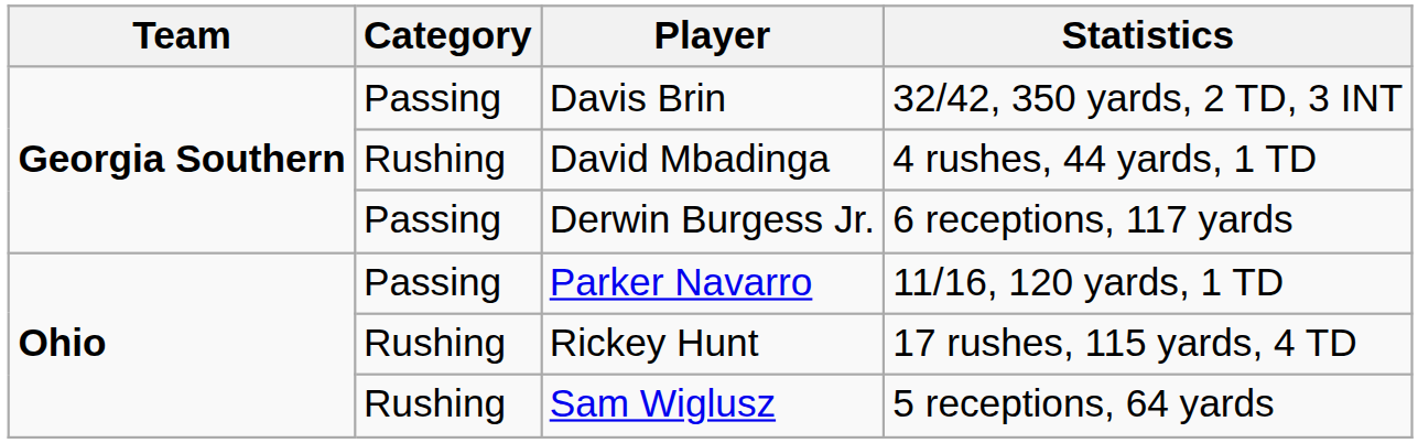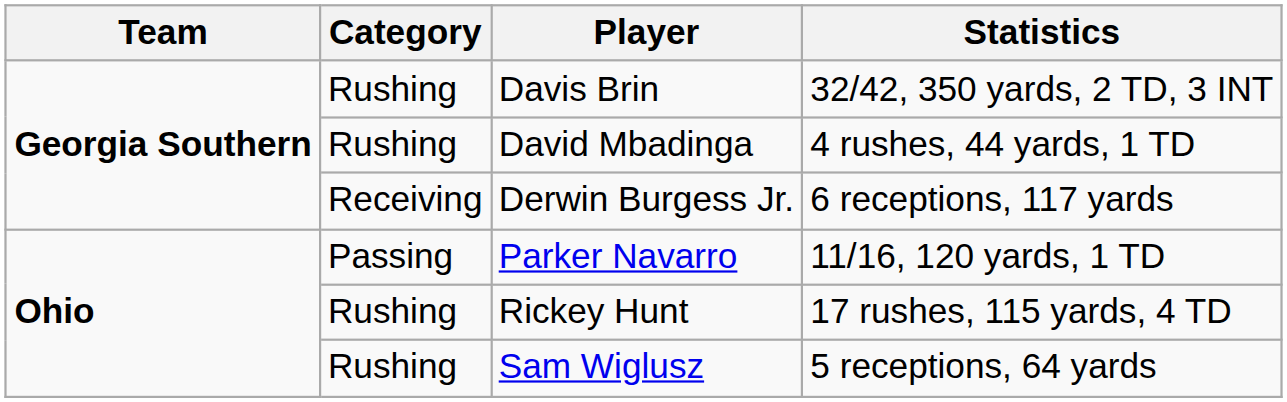 <table class="wikitable" style="float: right;">
 <tr>
 <th>Team</th>
 <th>Category</th>
 <th>Player</th>
 <th>Statistics</th>
 </tr>
 <tr>
 <td rowspan=3><strong>Georgia Southern</strong></td>
-<td>Passing</td>
+<td>Rushing</td>
 <td>Davis Brin</td>
 <td>32/42, 350 yards, 2 TD, 3 INT</td>
 </tr>
 <tr>
 <td>Rushing</td>
 <td>David Mbadinga</td>
 <td>4 rushes, 44 yards, 1 TD</td>
 </tr>
 <tr>
-<td>Passing</td>
+<td>Receiving</td>
 <td>Derwin Burgess Jr.</td>
 <td>6 receptions, 117 yards</td>
 </tr>
 <tr>
 <td rowspan=3><strong>Ohio</strong></td>
 <td>Passing</td>
 <td><a href='#'>Parker Navarro</a></td>
 <td>11/16, 120 yards, 1 TD</td>
 </tr>
 <tr>
 <td>Rushing</td>
 <td>Rickey Hunt</td>
 <td>17 rushes, 115 yards, 4 TD</td>
 </tr>
 <tr>
 <td>Rushing</td>
 <td><a href='#'>Sam Wiglusz</a></td>
 <td>5 receptions, 64 yards</td>
 </tr>
 </table>
